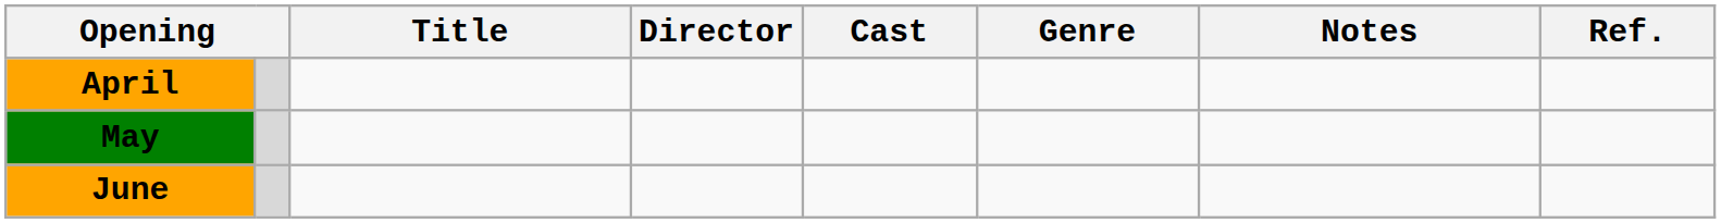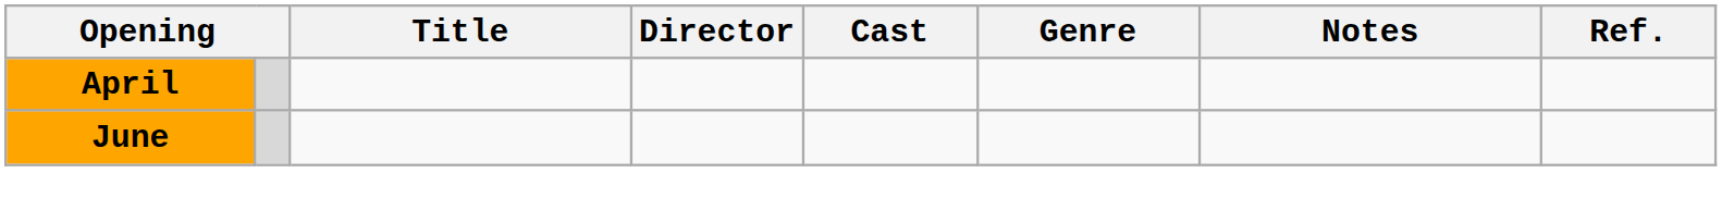 <table class="wikitable">
 <tr>
 <th colspan="2">Opening</th>
 <th style="width:20%;">Title</th>
 <th style="width:10%;">Director</th>
 <th>Cast</th>
 <th style="width:13%">Genre</th>
 <th style="width:20%">Notes</th>
 <th>Ref.</th>
 </tr>
 <tr>
 <td style="text-align:center; background:orange; textcolor:#000;"><strong>April</strong></td>
 <td rowspan="1" style="text-align:center; background:#d8d8d8; textcolor:#000;"></td>
 <td></td>
 <td></td>
 <td></td>
 <td></td>
 <td></td>
 <td></td>
 </tr>
 <tr>
-<td style="text-align:center; background:green; textcolor:#000;"><strong>May</strong></td>
-<td style="text-align:center; background:#d8d8d8; textcolor:#000;"></td>
-<td></td>
-<td></td>
-<td></td>
-<td></td>
-<td></td>
-<td></td>
-</tr>
-<tr>
 <td style="text-align:center; background:orange; textcolor:#000;"><strong>June</strong></td>
 <td style="text-align:center; background:#d8d8d8; textcolor:#000;"></td>
 <td></td>
 <td></td>
 <td></td>
 <td></td>
 <td></td>
 <td></td>
 </tr>
 </table>
